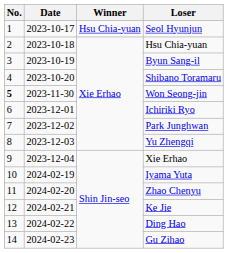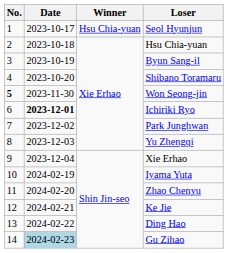 <table class="wikitable">
 <tr>
 <th>No.</th>
 <th>Date</th>
 <th>Winner</th>
 <th>Loser</th>
 </tr>
 <tr>
 <td>1</td>
 <td>2023-10-17</td>
 <td> <a href='#'>Hsu Chia-yuan</a></td>
 <td> <a href='#'>Seol Hyunjun</a></td>
 </tr>
 <tr>
 <td>2</td>
 <td>2023-10-18</td>
 <td rowspan=7> <a href='#'>Xie Erhao</a></td>
 <td> Hsu Chia-yuan</td>
 </tr>
 <tr>
 <td>3</td>
 <td>2023-10-19</td>
 <td> <a href='#'>Byun Sang-il</a></td>
 </tr>
 <tr>
 <td>4</td>
 <td>2023-10-20</td>
 <td> <a href='#'>Shibano Toramaru</a></td>
 </tr>
 <tr>
 <td><strong>5</strong></td>
 <td>2023-11-30</td>
 <td> <a href='#'>Won Seong-jin</a></td>
 </tr>
 <tr>
 <td>6</td>
-<td>2023-12-01</td>
+<td><strong>2023-12-01</strong></td>
 <td> <a href='#'>Ichiriki Ryo</a></td>
 </tr>
 <tr>
 <td>7</td>
 <td>2023-12-02</td>
 <td> <a href='#'>Park Junghwan</a></td>
 </tr>
 <tr>
 <td>8</td>
 <td>2023-12-03</td>
 <td> <a href='#'>Yu Zhengqi</a></td>
 </tr>
 <tr>
 <td>9</td>
 <td>2023-12-04</td>
 <td rowspan=6> <a href='#'>Shin Jin-seo</a></td>
 <td> Xie Erhao</td>
 </tr>
 <tr>
 <td>10</td>
 <td>2024-02-19</td>
 <td> <a href='#'>Iyama Yuta</a></td>
 </tr>
 <tr>
 <td>11</td>
 <td>2024-02-20</td>
 <td> <a href='#'>Zhao Chenyu</a></td>
 </tr>
 <tr>
 <td>12</td>
 <td>2024-02-21</td>
 <td> <a href='#'>Ke Jie</a></td>
 </tr>
 <tr>
 <td>13</td>
 <td>2024-02-22</td>
 <td> <a href='#'>Ding Hao</a></td>
 </tr>
 <tr>
 <td>14</td>
-<td>2024-02-23</td>
+<td style="background: lightblue;">2024-02-23</td>
 <td> <a href='#'>Gu Zihao</a></td>
 </tr>
 </table>
